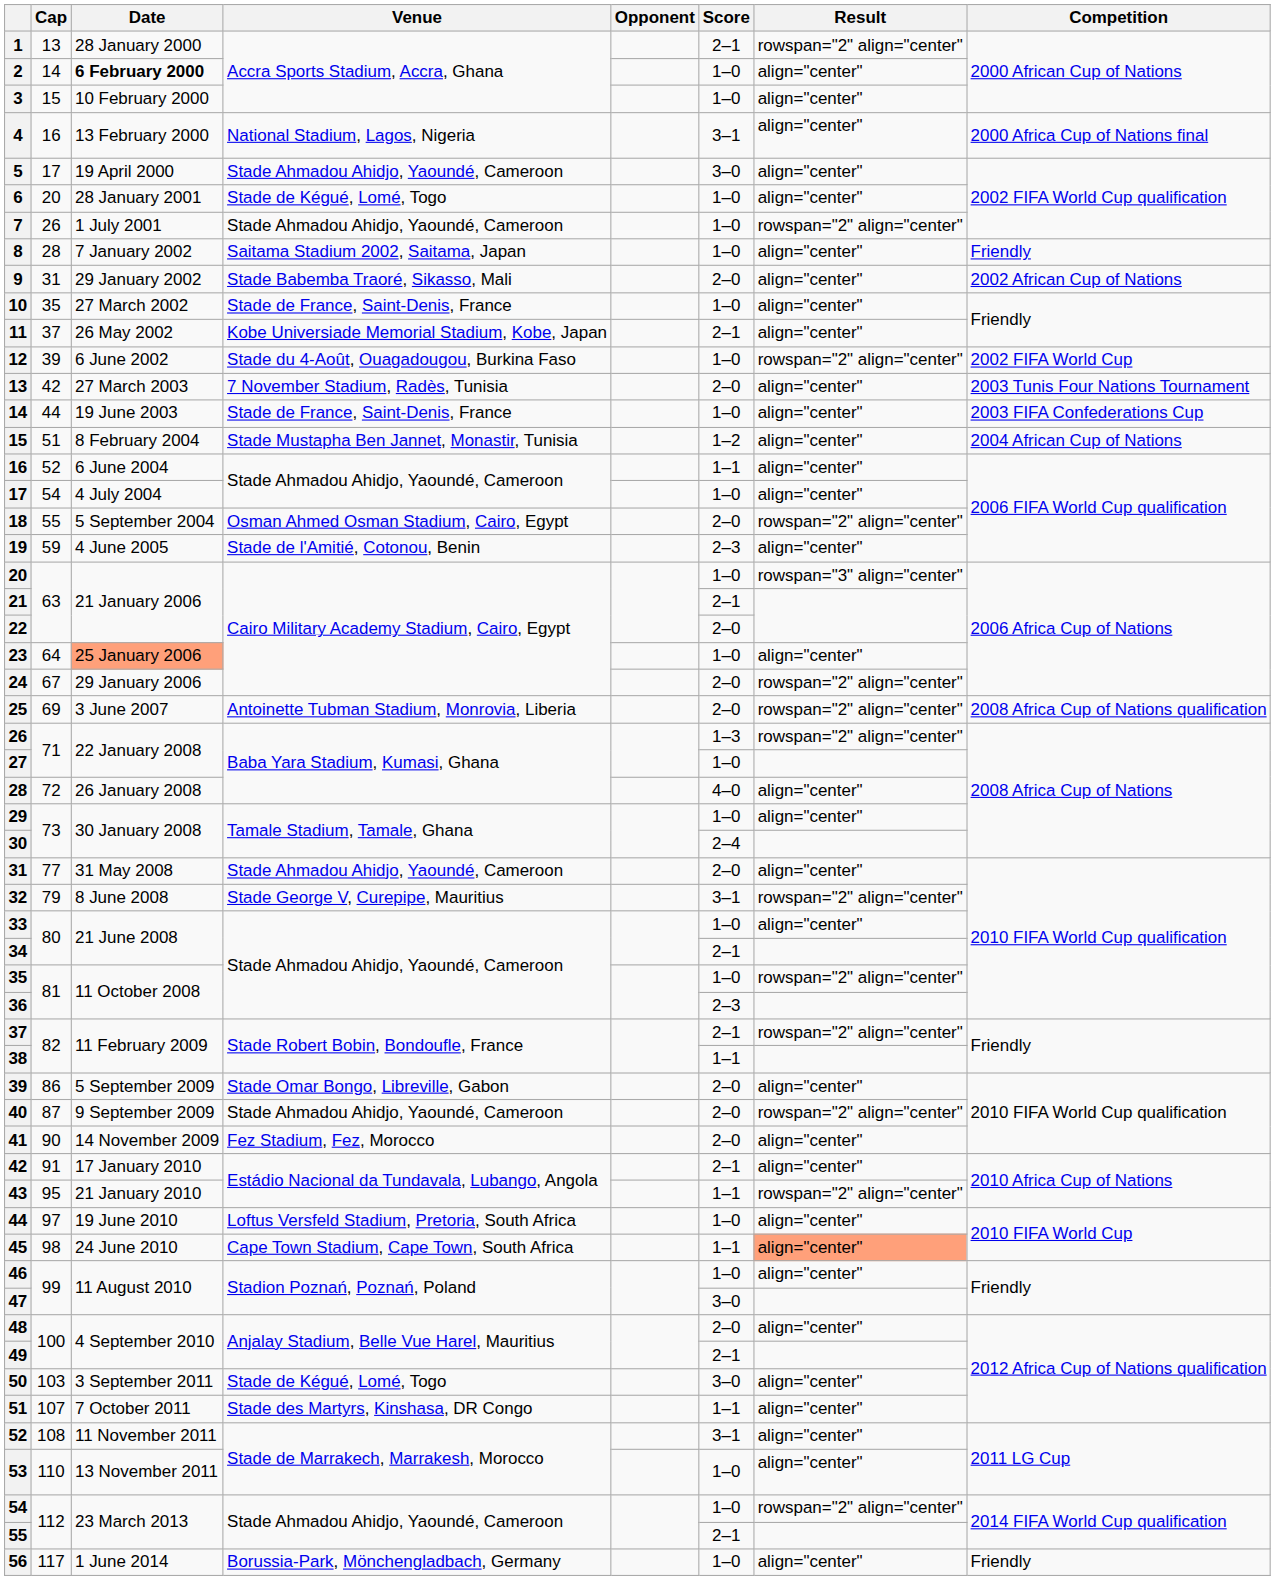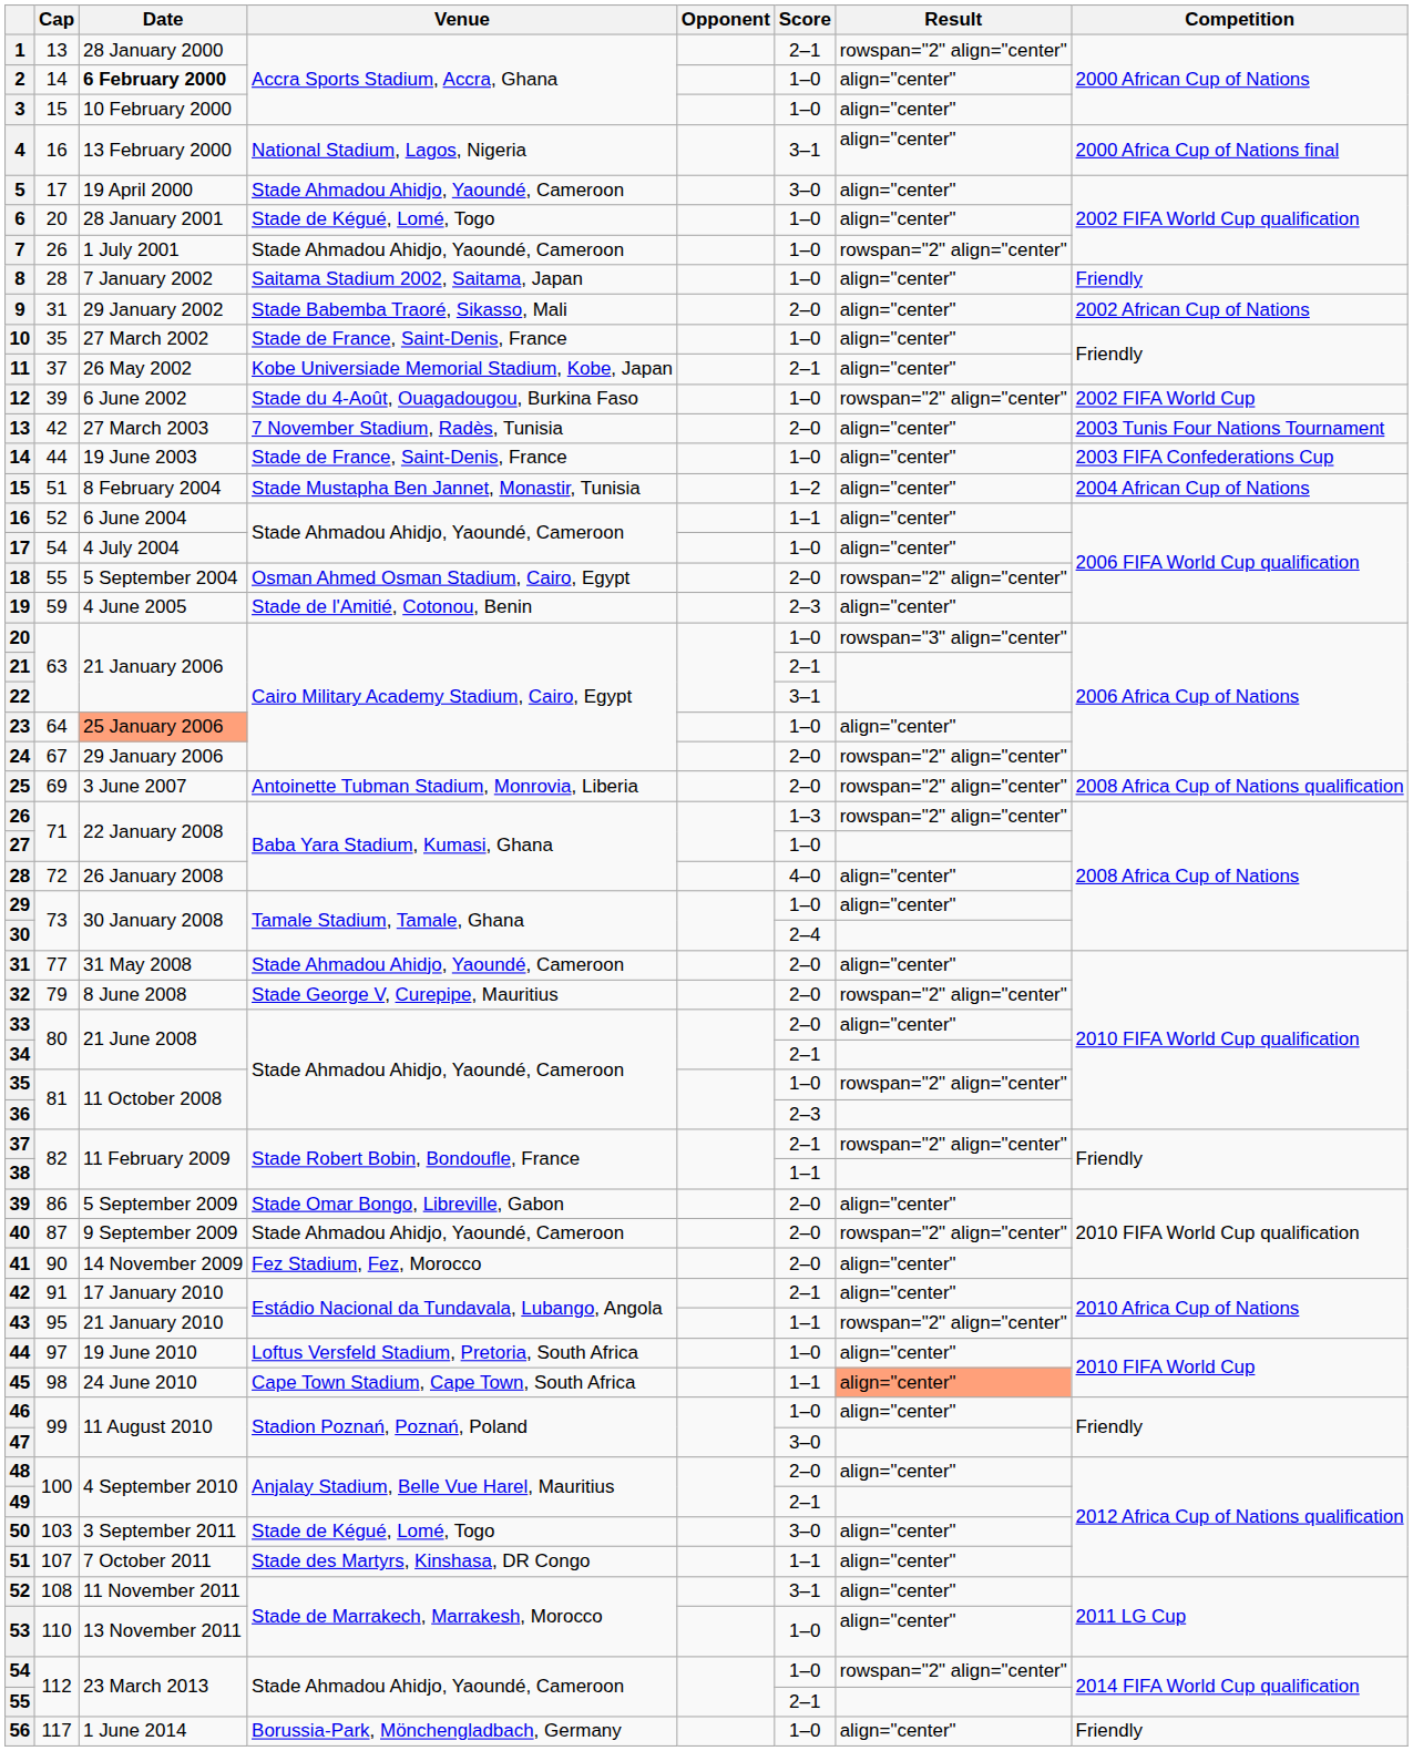 <table class="wikitable sortable">
 <tr>
 <th scope="col"></th>
 <th scope="col">Cap</th>
 <th scope="col">Date</th>
 <th scope="col">Venue</th>
 <th scope="col">Opponent</th>
 <th scope="col">Score</th>
 <th scope="col">Result</th>
 <th scope="col">Competition</th>
 </tr>
 <tr>
 <th scope="row">1</th>
 <td align="center">13</td>
 <td>28 January 2000</td>
 <td rowspan="3"><a href='#'>Accra Sports Stadium</a>, <a href='#'>Accra</a>, Ghana</td>
 <td></td>
 <td align="center">2–1</td>
 <td>rowspan="2" align="center" </td>
 <td rowspan="3"><a href='#'>2000 African Cup of Nations</a></td>
 </tr>
 <tr>
 <th scope="row">2</th>
 <td align="center">14</td>
 <td><strong>6 February 2000</strong></td>
 <td></td>
 <td align="center">1–0</td>
 <td>align="center" </td>
 </tr>
 <tr>
 <th scope="row">3</th>
 <td align="center">15</td>
 <td>10 February 2000</td>
 <td></td>
 <td align="center">1–0</td>
 <td>align="center" </td>
 </tr>
 <tr>
 <th scope="row">4</th>
 <td align="center">16</td>
 <td>13 February 2000</td>
 <td><a href='#'>National Stadium</a>, <a href='#'>Lagos</a>, Nigeria</td>
 <td></td>
 <td align="center">3–1</td>
 <td>align="center" <br><br></td>
 <td><a href='#'>2000 Africa Cup of Nations final</a></td>
 </tr>
 <tr>
 <th scope="row">5</th>
 <td align="center">17</td>
 <td>19 April 2000</td>
 <td><a href='#'>Stade Ahmadou Ahidjo</a>, <a href='#'>Yaoundé</a>, Cameroon</td>
 <td></td>
 <td align="center">3–0</td>
 <td>align="center" </td>
 <td rowspan="3"><a href='#'>2002 FIFA World Cup qualification</a></td>
 </tr>
 <tr>
 <th scope="row">6</th>
 <td align="center">20</td>
 <td>28 January 2001</td>
 <td><a href='#'>Stade de Kégué</a>, <a href='#'>Lomé</a>, Togo</td>
 <td></td>
 <td align="center">1–0</td>
 <td>align="center" </td>
 </tr>
 <tr>
 <th scope="row">7</th>
 <td align="center">26</td>
 <td>1 July 2001</td>
 <td>Stade Ahmadou Ahidjo, Yaoundé, Cameroon</td>
 <td></td>
 <td align="center">1–0</td>
 <td>rowspan="2" align="center" </td>
 </tr>
 <tr>
 <th scope="row">8</th>
 <td align="center">28</td>
 <td>7 January 2002</td>
 <td><a href='#'>Saitama Stadium 2002</a>, <a href='#'>Saitama</a>, Japan</td>
 <td></td>
 <td align="center">1–0</td>
 <td>align="center" </td>
 <td><a href='#'>Friendly</a></td>
 </tr>
 <tr>
 <th scope="row">9</th>
 <td align="center">31</td>
 <td>29 January 2002</td>
 <td><a href='#'>Stade Babemba Traoré</a>, <a href='#'>Sikasso</a>, Mali</td>
 <td></td>
 <td align="center">2–0</td>
 <td>align="center" </td>
 <td><a href='#'>2002 African Cup of Nations</a></td>
 </tr>
 <tr>
 <th scope="row">10</th>
 <td align="center">35</td>
 <td>27 March 2002</td>
 <td><a href='#'>Stade de France</a>, <a href='#'>Saint-Denis</a>, France</td>
 <td></td>
 <td align="center">1–0</td>
 <td>align="center" </td>
 <td rowspan="2">Friendly</td>
 </tr>
 <tr>
 <th scope="row">11</th>
 <td align="center">37</td>
 <td>26 May 2002</td>
 <td><a href='#'>Kobe Universiade Memorial Stadium</a>, <a href='#'>Kobe</a>, Japan</td>
 <td></td>
 <td align="center">2–1</td>
 <td>align="center" </td>
 </tr>
 <tr>
 <th scope="row">12</th>
 <td align="center">39</td>
 <td>6 June 2002</td>
 <td><a href='#'>Stade du 4-Août</a>, <a href='#'>Ouagadougou</a>, Burkina Faso</td>
 <td></td>
 <td align="center">1–0</td>
 <td>rowspan="2" align="center" </td>
 <td><a href='#'>2002 FIFA World Cup</a></td>
 </tr>
 <tr>
 <th scope="row">13</th>
 <td align="center">42</td>
 <td>27 March 2003</td>
 <td><a href='#'>7 November Stadium</a>, <a href='#'>Radès</a>, Tunisia</td>
 <td></td>
 <td align="center">2–0</td>
 <td>align="center" </td>
 <td><a href='#'>2003 Tunis Four Nations Tournament</a></td>
 </tr>
 <tr>
 <th scope="row">14</th>
 <td align="center">44</td>
 <td>19 June 2003</td>
 <td><a href='#'>Stade de France</a>, <a href='#'>Saint-Denis</a>, France</td>
 <td></td>
 <td align="center">1–0</td>
 <td>align="center" </td>
 <td><a href='#'>2003 FIFA Confederations Cup</a></td>
 </tr>
 <tr>
 <th scope="row">15</th>
 <td align="center">51</td>
 <td>8 February 2004</td>
 <td><a href='#'>Stade Mustapha Ben Jannet</a>, <a href='#'>Monastir</a>, Tunisia</td>
 <td></td>
 <td align="center">1–2</td>
 <td>align="center" </td>
 <td><a href='#'>2004 African Cup of Nations</a></td>
 </tr>
 <tr>
 <th scope="row">16</th>
 <td align="center">52</td>
 <td>6 June 2004</td>
 <td rowspan="2">Stade Ahmadou Ahidjo, Yaoundé, Cameroon</td>
 <td></td>
 <td align="center">1–1</td>
 <td>align="center" </td>
 <td rowspan="4"><a href='#'>2006 FIFA World Cup qualification</a></td>
 </tr>
 <tr>
 <th scope="row">17</th>
 <td align="center">54</td>
 <td>4 July 2004</td>
 <td></td>
 <td align="center">1–0</td>
 <td>align="center" </td>
 </tr>
 <tr>
 <th scope="row">18</th>
 <td align="center">55</td>
 <td>5 September 2004</td>
 <td><a href='#'>Osman Ahmed Osman Stadium</a>, <a href='#'>Cairo</a>, Egypt</td>
 <td></td>
 <td align="center">2–0</td>
 <td>rowspan="2" align="center" </td>
 </tr>
 <tr>
 <th scope="row">19</th>
 <td align="center">59</td>
 <td>4 June 2005</td>
 <td><a href='#'>Stade de l'Amitié</a>, <a href='#'>Cotonou</a>, Benin</td>
 <td></td>
 <td align="center">2–3</td>
 <td>align="center" </td>
 </tr>
 <tr>
 <th scope="row">20</th>
 <td rowspan="3" align="center">63</td>
 <td rowspan="3">21 January 2006</td>
 <td rowspan="5"><a href='#'>Cairo Military Academy Stadium</a>, <a href='#'>Cairo</a>, Egypt</td>
 <td rowspan="3"></td>
 <td align="center">1–0</td>
 <td>rowspan="3" align="center" </td>
 <td rowspan="5"><a href='#'>2006 Africa Cup of Nations</a></td>
 </tr>
 <tr>
 <th scope="row">21</th>
 <td align="center">2–1</td>
 </tr>
 <tr>
 <th scope="row">22</th>
-<td align="center">2–0</td>
+<td align="center">3–1</td>
 </tr>
 <tr>
 <th scope="row">23</th>
 <td align="center">64</td>
 <td style="background: lightsalmon;">25 January 2006</td>
 <td></td>
 <td align="center">1–0</td>
 <td>align="center" </td>
 </tr>
 <tr>
 <th scope="row">24</th>
 <td align="center">67</td>
 <td>29 January 2006</td>
 <td></td>
 <td align="center">2–0</td>
 <td>rowspan="2" align="center" </td>
 </tr>
 <tr>
 <th scope="row">25</th>
 <td align="center">69</td>
 <td>3 June 2007</td>
 <td><a href='#'>Antoinette Tubman Stadium</a>, <a href='#'>Monrovia</a>, Liberia</td>
 <td></td>
 <td align="center">2–0</td>
 <td>rowspan="2" align="center" </td>
 <td><a href='#'>2008 Africa Cup of Nations qualification</a></td>
 </tr>
 <tr>
 <th scope="row">26</th>
 <td rowspan="2" align="center">71</td>
 <td rowspan="2">22 January 2008</td>
 <td rowspan="3"><a href='#'>Baba Yara Stadium</a>, <a href='#'>Kumasi</a>, Ghana</td>
 <td rowspan="2"></td>
 <td align="center">1–3</td>
 <td>rowspan="2" align="center" </td>
 <td rowspan="5"><a href='#'>2008 Africa Cup of Nations</a></td>
 </tr>
 <tr>
 <th scope="row">27</th>
 <td align="center">1–0</td>
 </tr>
 <tr>
 <th scope="row">28</th>
 <td align="center">72</td>
 <td>26 January 2008</td>
 <td></td>
 <td align="center">4–0</td>
 <td>align="center" </td>
 </tr>
 <tr>
 <th scope="row">29</th>
 <td rowspan="2" align="center">73</td>
 <td rowspan="2">30 January 2008</td>
 <td rowspan="2"><a href='#'>Tamale Stadium</a>, <a href='#'>Tamale</a>, Ghana</td>
 <td rowspan="2"></td>
 <td align="center">1–0</td>
 <td>align="center" </td>
 </tr>
 <tr>
 <th scope="row">30</th>
 <td align="center">2–4</td>
 </tr>
 <tr>
 <th scope="row">31</th>
 <td align="center">77</td>
 <td>31 May 2008</td>
 <td><a href='#'>Stade Ahmadou Ahidjo</a>, <a href='#'>Yaoundé</a>, Cameroon</td>
 <td></td>
 <td align="center">2–0</td>
 <td>align="center" </td>
 <td rowspan="6"><a href='#'>2010 FIFA World Cup qualification</a></td>
 </tr>
 <tr>
 <th scope="row">32</th>
 <td align="center">79</td>
 <td>8 June 2008</td>
 <td><a href='#'>Stade George V</a>, <a href='#'>Curepipe</a>, Mauritius</td>
 <td></td>
-<td align="center">3–1</td>
+<td align="center">2–0</td>
 <td>rowspan="2" align="center" </td>
 </tr>
 <tr>
 <th scope="row">33</th>
 <td rowspan="2" align="center">80</td>
 <td rowspan="2">21 June 2008</td>
 <td rowspan="4">Stade Ahmadou Ahidjo, Yaoundé, Cameroon</td>
 <td rowspan="2"></td>
-<td align="center">1–0</td>
+<td align="center">2–0</td>
 <td>align="center" </td>
 </tr>
 <tr>
 <th scope="row">34</th>
 <td align="center">2–1</td>
 </tr>
 <tr>
 <th scope="row">35</th>
 <td rowspan="2" align="center">81</td>
 <td rowspan="2">11 October 2008</td>
 <td rowspan="2"></td>
 <td align="center">1–0</td>
 <td>rowspan="2" align="center" </td>
 </tr>
 <tr>
 <th scope="row">36</th>
 <td align="center">2–3</td>
 </tr>
 <tr>
 <th scope="row">37</th>
 <td rowspan="2" align="center">82</td>
 <td rowspan="2">11 February 2009</td>
 <td rowspan="2"><a href='#'>Stade Robert Bobin</a>, <a href='#'>Bondoufle</a>, France</td>
 <td rowspan="2"></td>
 <td align="center">2–1</td>
 <td>rowspan="2" align="center" </td>
 <td rowspan="2">Friendly</td>
 </tr>
 <tr>
 <th scope="row">38</th>
 <td align="center">1–1</td>
 </tr>
 <tr>
 <th scope="row">39</th>
 <td align="center">86</td>
 <td>5 September 2009</td>
 <td><a href='#'>Stade Omar Bongo</a>, <a href='#'>Libreville</a>, Gabon</td>
 <td></td>
 <td align="center">2–0</td>
 <td>align="center" </td>
 <td rowspan="3">2010 FIFA World Cup qualification</td>
 </tr>
 <tr>
 <th scope="row">40</th>
 <td align="center">87</td>
 <td>9 September 2009</td>
 <td>Stade Ahmadou Ahidjo, Yaoundé, Cameroon</td>
 <td></td>
 <td align="center">2–0</td>
 <td>rowspan="2" align="center" </td>
 </tr>
 <tr>
 <th scope="row">41</th>
 <td align="center">90</td>
 <td>14 November 2009</td>
 <td><a href='#'>Fez Stadium</a>, <a href='#'>Fez</a>, Morocco</td>
 <td></td>
 <td align="center">2–0</td>
 <td>align="center" </td>
 </tr>
 <tr>
 <th scope="row">42</th>
 <td align="center">91</td>
 <td>17 January 2010</td>
 <td rowspan="2"><a href='#'>Estádio Nacional da Tundavala</a>, <a href='#'>Lubango</a>, Angola</td>
 <td></td>
 <td align="center">2–1</td>
 <td>align="center" </td>
 <td rowspan="2"><a href='#'>2010 Africa Cup of Nations</a></td>
 </tr>
 <tr>
 <th scope="row">43</th>
 <td align="center">95</td>
 <td>21 January 2010</td>
 <td></td>
 <td align="center">1–1</td>
 <td>rowspan="2" align="center" </td>
 </tr>
 <tr>
 <th scope="row">44</th>
 <td align="center">97</td>
 <td>19 June 2010</td>
 <td><a href='#'>Loftus Versfeld Stadium</a>, <a href='#'>Pretoria</a>, South Africa</td>
 <td></td>
 <td align="center">1–0</td>
 <td>align="center" </td>
 <td rowspan="2"><a href='#'>2010 FIFA World Cup</a></td>
 </tr>
 <tr>
 <th scope="row">45</th>
 <td align="center">98</td>
 <td>24 June 2010</td>
 <td><a href='#'>Cape Town Stadium</a>, <a href='#'>Cape Town</a>, South Africa</td>
 <td></td>
 <td align="center">1–1</td>
 <td style="background: lightsalmon;">align="center" </td>
 </tr>
 <tr>
 <th scope="row">46</th>
 <td rowspan="2" align="center">99</td>
 <td rowspan="2">11 August 2010</td>
 <td rowspan="2"><a href='#'>Stadion Poznań</a>, <a href='#'>Poznań</a>, Poland</td>
 <td rowspan="2"></td>
 <td align="center">1–0</td>
 <td>align="center" </td>
 <td rowspan="2">Friendly</td>
 </tr>
 <tr>
 <th scope="row">47</th>
 <td align="center">3–0</td>
 </tr>
 <tr>
 <th scope="row">48</th>
 <td rowspan="2" align="center">100</td>
 <td rowspan="2">4 September 2010</td>
 <td rowspan="2"><a href='#'>Anjalay Stadium</a>, <a href='#'>Belle Vue Harel</a>, Mauritius</td>
 <td rowspan="2"></td>
 <td align="center">2–0</td>
 <td>align="center" </td>
 <td rowspan="4"><a href='#'>2012 Africa Cup of Nations qualification</a></td>
 </tr>
 <tr>
 <th scope="row">49</th>
 <td align="center">2–1</td>
 </tr>
 <tr>
 <th scope="row">50</th>
 <td align="center">103</td>
 <td>3 September 2011</td>
 <td><a href='#'>Stade de Kégué</a>, <a href='#'>Lomé</a>, Togo</td>
 <td></td>
 <td align="center">3–0</td>
 <td>align="center" </td>
 </tr>
 <tr>
 <th scope="row">51</th>
 <td align="center">107</td>
 <td>7 October 2011</td>
 <td><a href='#'>Stade des Martyrs</a>, <a href='#'>Kinshasa</a>, DR Congo</td>
 <td></td>
 <td align="center">1–1</td>
 <td>align="center" </td>
 </tr>
 <tr>
 <th scope="row">52</th>
 <td align="center">108</td>
 <td>11 November 2011</td>
 <td rowspan="2"><a href='#'>Stade de Marrakech</a>, <a href='#'>Marrakesh</a>, Morocco</td>
 <td></td>
 <td align="center">3–1</td>
 <td>align="center" </td>
 <td rowspan="2"><a href='#'>2011 LG Cup</a></td>
 </tr>
 <tr>
 <th scope="row">53</th>
 <td align="center">110</td>
 <td>13 November 2011</td>
 <td></td>
 <td align="center">1–0</td>
 <td>align="center" <br><br></td>
 </tr>
 <tr>
 <th scope="row">54</th>
 <td rowspan="2" align="center">112</td>
 <td rowspan="2">23 March 2013</td>
 <td rowspan="2">Stade Ahmadou Ahidjo, Yaoundé, Cameroon</td>
 <td rowspan="2"></td>
 <td align="center">1–0</td>
 <td>rowspan="2" align="center" </td>
 <td rowspan="2"><a href='#'>2014 FIFA World Cup qualification</a></td>
 </tr>
 <tr>
 <th scope="row">55</th>
 <td align="center">2–1</td>
 </tr>
 <tr>
 <th scope="row">56</th>
 <td align="center">117</td>
 <td>1 June 2014</td>
 <td><a href='#'>Borussia-Park</a>, <a href='#'>Mönchengladbach</a>, Germany</td>
 <td></td>
 <td align="center">1–0</td>
 <td>align="center" </td>
 <td>Friendly</td>
 </tr>
 </table>
